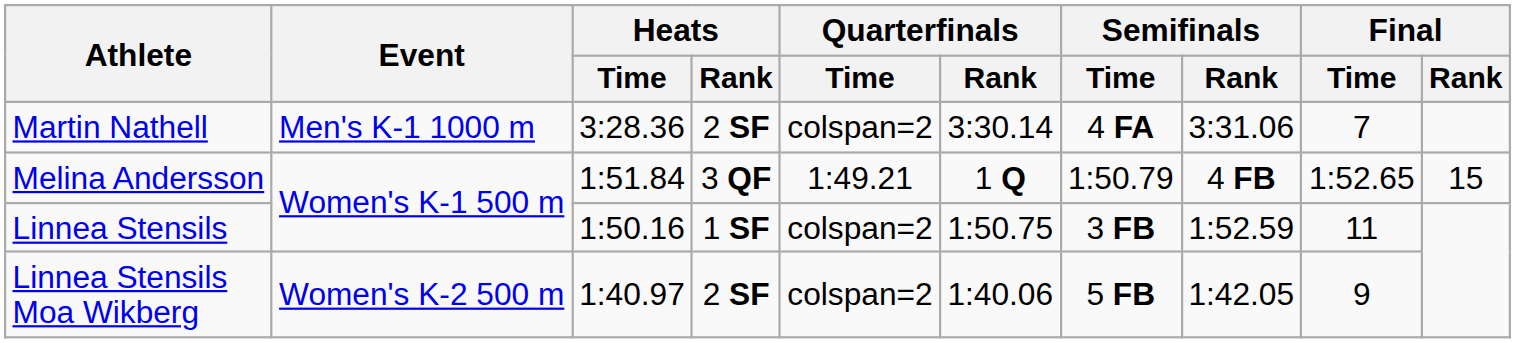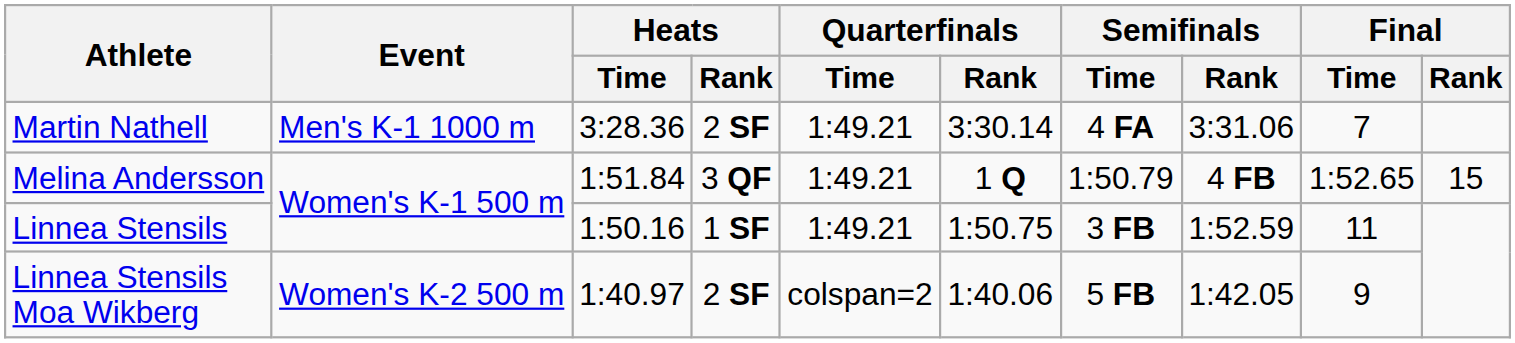 <table class=wikitable style="font-size:90%">
 <tr>
 <th rowspan="2">Athlete</th>
 <th rowspan="2">Event</th>
 <th colspan=2>Heats</th>
 <th colspan=2>Quarterfinals</th>
 <th colspan=2>Semifinals</th>
 <th colspan=2>Final</th>
 </tr>
 <tr style="font-size:95%">
 <th>Time</th>
 <th>Rank</th>
 <th>Time</th>
 <th>Rank</th>
 <th>Time</th>
 <th>Rank</th>
 <th>Time</th>
 <th>Rank</th>
 </tr>
 <tr align=center>
 <td align=left><a href='#'>Martin Nathell</a></td>
 <td align=left><a href='#'>Men's K-1 1000 m</a></td>
 <td>3:28.36</td>
 <td>2 <strong>SF</strong></td>
-<td>colspan=2 </td>
+<td>1:49.21</td>
 <td>3:30.14</td>
 <td>4 <strong>FA</strong></td>
 <td>3:31.06</td>
 <td>7</td>
 </tr>
 <tr align=center>
 <td align=left><a href='#'>Melina Andersson</a></td>
 <td align=left rowspan=2><a href='#'>Women's K-1 500 m</a></td>
 <td>1:51.84</td>
 <td>3 <strong>QF</strong></td>
 <td>1:49.21</td>
 <td>1 <strong>Q</strong></td>
 <td>1:50.79</td>
 <td>4 <strong>FB</strong></td>
 <td>1:52.65</td>
 <td>15</td>
 </tr>
 <tr align=center>
 <td align=left><a href='#'>Linnea Stensils</a></td>
 <td>1:50.16</td>
 <td>1 <strong>SF</strong></td>
-<td>colspan=2 </td>
+<td>1:49.21</td>
 <td>1:50.75</td>
 <td>3 <strong>FB</strong></td>
 <td>1:52.59</td>
 <td>11</td>
 </tr>
 <tr align=center>
 <td align=left><a href='#'>Linnea Stensils</a><br><a href='#'>Moa Wikberg</a></td>
 <td align=left><a href='#'>Women's K-2 500 m</a></td>
 <td>1:40.97</td>
 <td>2 <strong>SF</strong></td>
 <td>colspan=2 </td>
 <td>1:40.06</td>
 <td>5 <strong>FB</strong></td>
 <td>1:42.05</td>
 <td>9</td>
 </tr>
 </table>
